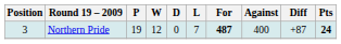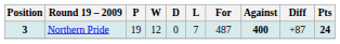 <table class="wikitable" style="text-align:center; font-size:85%;">
 <tr>
 <th width=40 abbr="Position">Position</th>
 <th width=100>Round 19 – 2009</th>
 <th width=20 abbr="Played">P</th>
 <th width=20 abbr="Won">W</th>
 <th width=20 abbr="Drawn">D</th>
 <th width=20 abbr="Lost">L</th>
 <th width=40 abbr="Points for">For</th>
 <th width=40 abbr="Points against">Against</th>
 <th width=40 abbr="Points difference">Diff</th>
 <th width=20 abbr="Points">Pts</th>
 </tr>
 <tr style="background: #d7ebed;">
-<td>3</td>
+<td><strong>3</strong></td>
 <td style="text-align:left;"> <a href='#'>Northern Pride</a></td>
 <td>19</td>
 <td>12</td>
 <td>0</td>
 <td>7</td>
-<td><strong>487</strong></td>
-<td>400</td>
+<td>487</td>
+<td><strong>400</strong></td>
 <td>+87</td>
 <td><strong>24</strong></td>
 </tr>
 <tr>
 </tr>
 </table>
